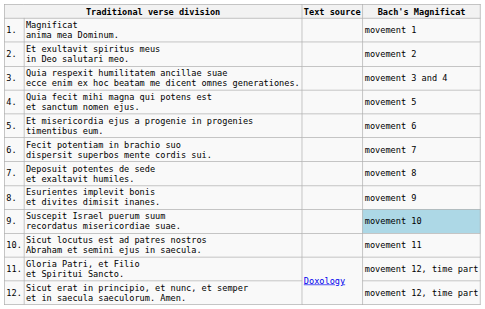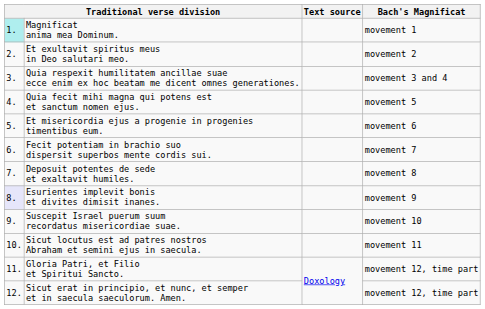 <table class="wikitable">
 <tr>
 <th colspan="2">Traditional verse division</th>
 <th scope="col">Text source</th>
 <th scope="col">Bach's Magnificat</th>
 </tr>
 <tr>
-<td>1.</td>
+<td style="background: paleturquoise;">1.</td>
 <td>Magnificat<br>anima mea Dominum.</td>
 <td></td>
 <td>movement 1</td>
 </tr>
 <tr>
 <td>2.</td>
 <td>Et exultavit spiritus meus<br>in Deo salutari meo.</td>
 <td></td>
 <td>movement 2</td>
 </tr>
 <tr>
 <td>3.</td>
 <td>Quia respexit humilitatem ancillae suae<br>ecce enim ex hoc beatam me dicent omnes generationes.</td>
 <td></td>
 <td>movement 3 and 4</td>
 </tr>
 <tr>
 <td>4.</td>
 <td>Quia fecit mihi magna qui potens est<br>et sanctum nomen ejus.</td>
 <td></td>
 <td>movement 5</td>
 </tr>
 <tr>
 <td>5.</td>
 <td>Et misericordia ejus a progenie in progenies<br>timentibus eum.</td>
 <td></td>
 <td>movement 6</td>
 </tr>
 <tr>
 <td>6.</td>
 <td>Fecit potentiam in brachio suo<br>dispersit superbos mente cordis sui.</td>
 <td></td>
 <td>movement 7</td>
 </tr>
 <tr>
 <td>7.</td>
 <td>Deposuit potentes de sede<br>et exaltavit humiles.</td>
 <td></td>
 <td>movement 8</td>
 </tr>
 <tr>
-<td>8.</td>
+<td style="background: lavender;">8.</td>
 <td>Esurientes implevit bonis<br>et divites dimisit inanes.</td>
 <td></td>
 <td>movement 9</td>
 </tr>
 <tr>
 <td>9.</td>
 <td>Suscepit Israel puerum suum<br>recordatus misericordiae suae.</td>
 <td></td>
-<td style="background: lightblue;">movement 10</td>
+<td>movement 10</td>
 </tr>
 <tr>
 <td>10.</td>
 <td>Sicut locutus est ad patres nostros<br>Abraham et semini ejus in saecula.</td>
 <td></td>
 <td>movement 11</td>
 </tr>
 <tr>
 <td>11.</td>
 <td>Gloria Patri, et Filio<br>et Spiritui Sancto.</td>
 <td rowspan="2"><a href='#'>Doxology</a></td>
 <td>movement 12,  time part</td>
 </tr>
 <tr>
 <td>12.</td>
 <td>Sicut erat in principio, et nunc, et semper<br>et in saecula saeculorum. Amen.</td>
 <td>movement 12,  time part</td>
 </tr>
 </table>
